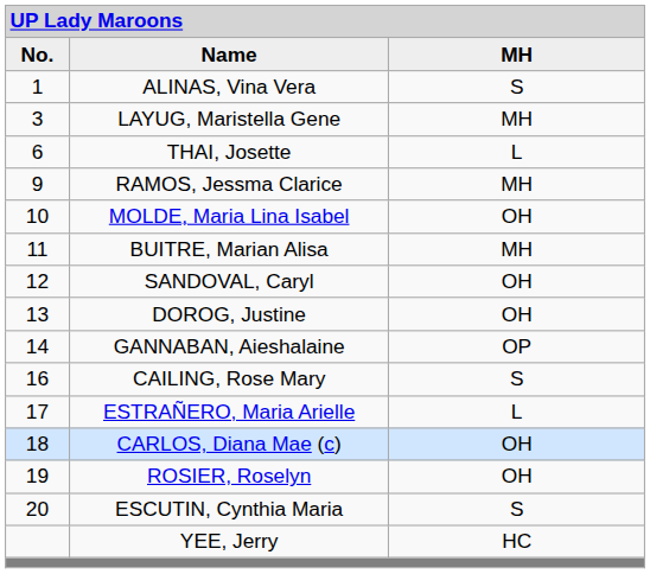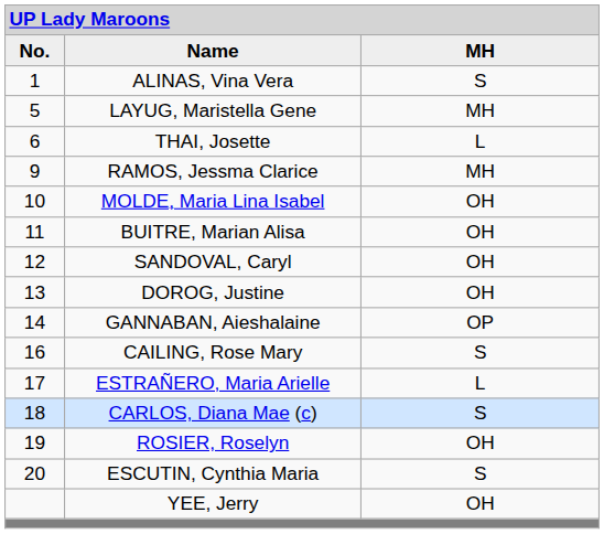 <table class='wikitable mw-collapsible mw-collapsed' style="text-align: center; width: 500px; border: none">
 <tr>
 <th style="background:#D4D4D4; text-align:left;" colspan=3><a href='#'>UP Lady Maroons</a></th>
 </tr>
 <tr style="background:#EEEEEE; font-weight:bold;">
 <td width=10%>No.</td>
 <td width=50%>Name</td>
 <td align=center>MH</td>
 </tr>
 <tr>
 <td align=center>1</td>
 <td>ALINAS, Vina Vera</td>
 <td align=center>S</td>
 </tr>
 <tr>
-<td align=center>3</td>
+<td align=center>5</td>
 <td>LAYUG, Maristella Gene</td>
 <td align=center>MH</td>
 </tr>
 <tr>
 <td align=center>6</td>
 <td>THAI, Josette</td>
 <td align=center>L</td>
 </tr>
 <tr>
 <td align=center>9</td>
 <td>RAMOS, Jessma Clarice</td>
 <td align=center>MH</td>
 </tr>
 <tr>
 <td align=center>10</td>
 <td><a href='#'>MOLDE, Maria Lina Isabel</a></td>
 <td align=center>OH</td>
 </tr>
 <tr>
 <td align=center>11</td>
 <td>BUITRE, Marian Alisa</td>
-<td align=center>MH</td>
+<td align=center>OH</td>
 </tr>
 <tr>
 <td align=center>12</td>
 <td>SANDOVAL, Caryl</td>
 <td align=center>OH</td>
 </tr>
 <tr>
 <td align=center>13</td>
 <td>DOROG, Justine</td>
 <td align=center>OH</td>
 </tr>
 <tr>
 <td align=center>14</td>
 <td>GANNABAN, Aieshalaine</td>
 <td align=center>OP</td>
 </tr>
 <tr>
 <td align=center>16</td>
 <td>CAILING, Rose Mary</td>
 <td align=center>S</td>
 </tr>
 <tr>
 <td align=center>17</td>
 <td><a href='#'>ESTRAÑERO, Maria Arielle</a></td>
 <td align=center>L</td>
 </tr>
 <tr style="background: #D0E6FF">
 <td align=center>18</td>
 <td><a href='#'>CARLOS, Diana Mae</a> (<a href='#'>c</a>)</td>
-<td align=center>OH</td>
+<td align=center>S</td>
 </tr>
 <tr>
 <td align=center>19</td>
 <td><a href='#'>ROSIER, Roselyn</a></td>
 <td align=center>OH</td>
 </tr>
 <tr>
 <td align=center>20</td>
 <td>ESCUTIN, Cynthia Maria</td>
 <td align=center>S</td>
 </tr>
 <tr>
 <td align=center></td>
 <td>YEE, Jerry</td>
-<td align=center>HC</td>
+<td align=center>OH</td>
 </tr>
 <tr>
 <th style='background: grey;' colspan=3></th>
 </tr>
 </table>
